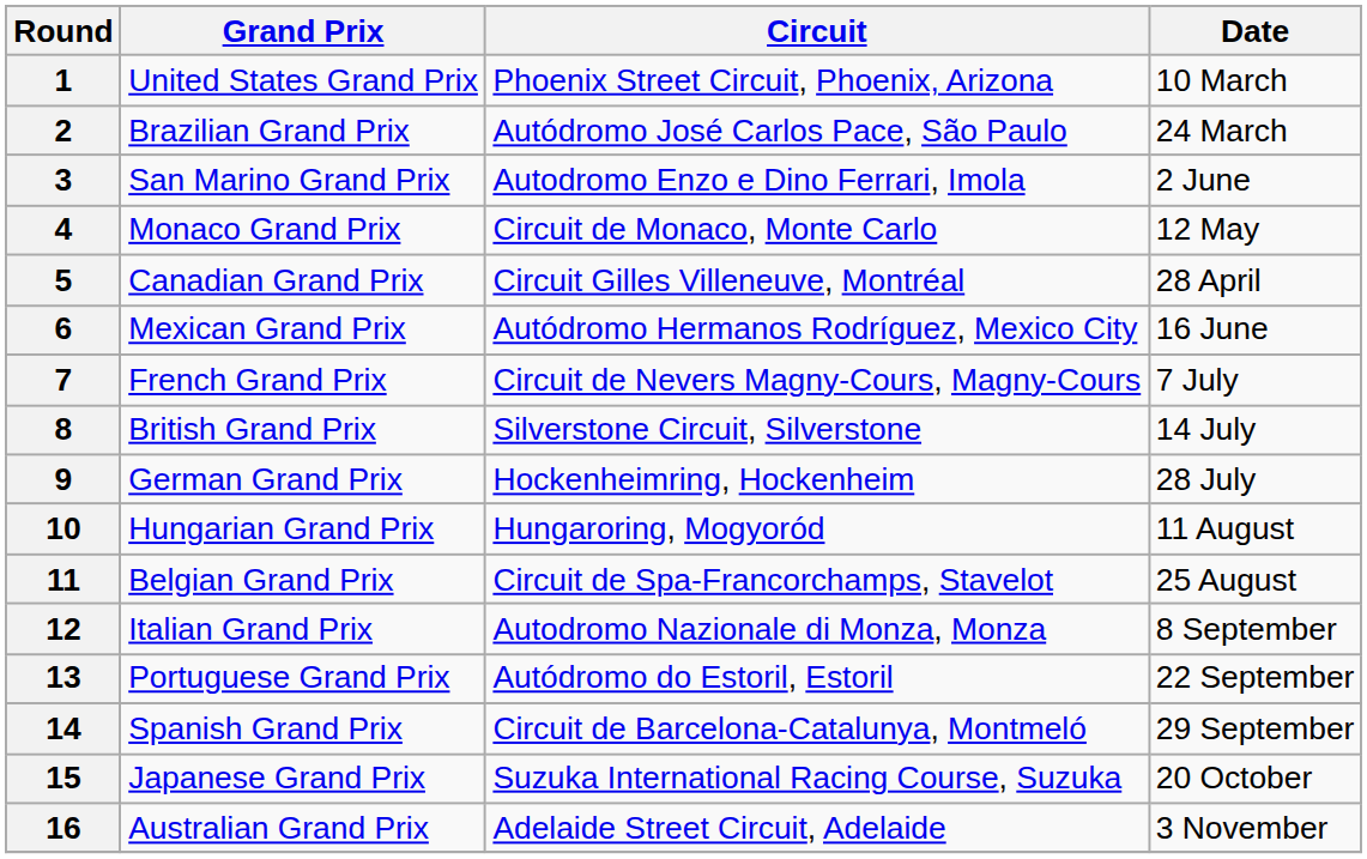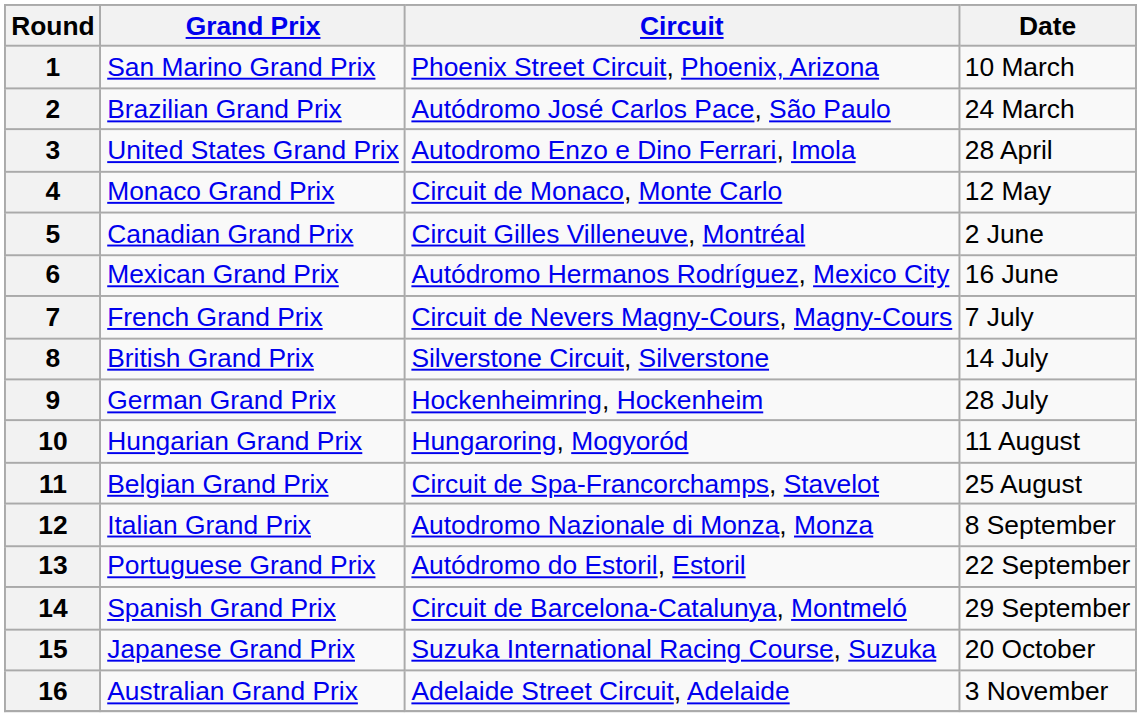 <table class="wikitable" style="font-size: 85%;">
 <tr>
 <th>Round</th>
 <th><a href='#'>Grand Prix</a></th>
 <th><a href='#'>Circuit</a></th>
 <th>Date</th>
 </tr>
 <tr>
 <th>1</th>
-<td nowrap><a href='#'>United States Grand Prix</a></td>
+<td><a href='#'>San Marino Grand Prix</a></td>
 <td> <a href='#'>Phoenix Street Circuit</a>, <a href='#'>Phoenix, Arizona</a></td>
 <td>10 March</td>
 </tr>
 <tr>
 <th>2</th>
 <td><a href='#'>Brazilian Grand Prix</a></td>
 <td> <a href='#'>Autódromo José Carlos Pace</a>, <a href='#'>São Paulo</a></td>
 <td>24 March</td>
 </tr>
 <tr>
 <th>3</th>
-<td><a href='#'>San Marino Grand Prix</a></td>
+<td nowrap><a href='#'>United States Grand Prix</a></td>
 <td> <a href='#'>Autodromo Enzo e Dino Ferrari</a>, <a href='#'>Imola</a></td>
-<td>2 June</td>
+<td>28 April</td>
 </tr>
 <tr>
 <th>4</th>
 <td><a href='#'>Monaco Grand Prix</a></td>
 <td> <a href='#'>Circuit de Monaco</a>, <a href='#'>Monte Carlo</a></td>
 <td>12 May</td>
 </tr>
 <tr>
 <th>5</th>
 <td><a href='#'>Canadian Grand Prix</a></td>
 <td> <a href='#'>Circuit Gilles Villeneuve</a>, <a href='#'>Montréal</a></td>
-<td>28 April</td>
+<td>2 June</td>
 </tr>
 <tr>
 <th>6</th>
 <td><a href='#'>Mexican Grand Prix</a></td>
 <td> <a href='#'>Autódromo Hermanos Rodríguez</a>, <a href='#'>Mexico City</a></td>
 <td>16 June</td>
 </tr>
 <tr>
 <th>7</th>
 <td><a href='#'>French Grand Prix</a></td>
 <td nowrap> <a href='#'>Circuit de Nevers Magny-Cours</a>, <a href='#'>Magny-Cours</a></td>
 <td>7 July</td>
 </tr>
 <tr>
 <th>8</th>
 <td><a href='#'>British Grand Prix</a></td>
 <td> <a href='#'>Silverstone Circuit</a>, <a href='#'>Silverstone</a></td>
 <td>14 July</td>
 </tr>
 <tr>
 <th>9</th>
 <td><a href='#'>German Grand Prix</a></td>
 <td> <a href='#'>Hockenheimring</a>, <a href='#'>Hockenheim</a></td>
 <td>28 July</td>
 </tr>
 <tr>
 <th>10</th>
 <td><a href='#'>Hungarian Grand Prix</a></td>
 <td> <a href='#'>Hungaroring</a>, <a href='#'>Mogyoród</a></td>
 <td>11 August</td>
 </tr>
 <tr>
 <th>11</th>
 <td><a href='#'>Belgian Grand Prix</a></td>
 <td> <a href='#'>Circuit de Spa-Francorchamps</a>, <a href='#'>Stavelot</a></td>
 <td>25 August</td>
 </tr>
 <tr>
 <th>12</th>
 <td><a href='#'>Italian Grand Prix</a></td>
 <td> <a href='#'>Autodromo Nazionale di Monza</a>, <a href='#'>Monza</a></td>
 <td>8 September</td>
 </tr>
 <tr>
 <th>13</th>
 <td><a href='#'>Portuguese Grand Prix</a></td>
 <td> <a href='#'>Autódromo do Estoril</a>, <a href='#'>Estoril</a></td>
 <td>22 September</td>
 </tr>
 <tr>
 <th>14</th>
 <td><a href='#'>Spanish Grand Prix</a></td>
 <td> <a href='#'>Circuit de Barcelona-Catalunya</a>, <a href='#'>Montmeló</a></td>
 <td nowrap>29 September</td>
 </tr>
 <tr>
 <th>15</th>
 <td><a href='#'>Japanese Grand Prix</a></td>
 <td> <a href='#'>Suzuka International Racing Course</a>, <a href='#'>Suzuka</a></td>
 <td>20 October</td>
 </tr>
 <tr>
 <th>16</th>
 <td><a href='#'>Australian Grand Prix</a></td>
 <td> <a href='#'>Adelaide Street Circuit</a>, <a href='#'>Adelaide</a></td>
 <td>3 November</td>
 </tr>
 <tr>
 </tr>
 </table>
